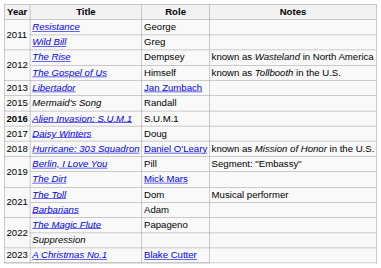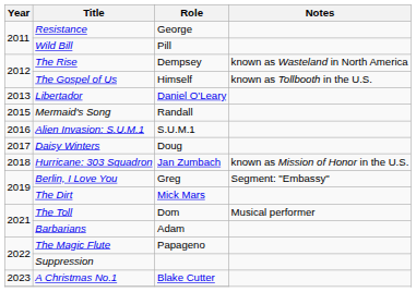 <table class="wikitable sortable">
 <tr>
 <th>Year</th>
 <th>Title</th>
 <th>Role</th>
 <th class="unsortable">Notes</th>
 </tr>
 <tr>
 <td rowspan="2">2011</td>
 <td><em><a href='#'>Resistance</a></em></td>
 <td>George</td>
 <td></td>
 </tr>
 <tr>
 <td><em><a href='#'>Wild Bill</a></em></td>
-<td>Greg</td>
+<td>Pill</td>
 <td></td>
 </tr>
 <tr>
 <td rowspan="2">2012</td>
 <td><em><a href='#'>The Rise</a></em></td>
 <td>Dempsey</td>
 <td>known as <em>Wasteland</em> in North America</td>
 </tr>
 <tr>
 <td><em><a href='#'>The Gospel of Us</a></em></td>
 <td>Himself</td>
 <td>known as <em>Tollbooth</em> in the U.S.</td>
 </tr>
 <tr>
 <td>2013</td>
 <td><em><a href='#'>Libertador</a></em></td>
-<td><a href='#'>Jan Zumbach</a></td>
+<td><a href='#'>Daniel O'Leary</a></td>
 <td></td>
 </tr>
 <tr>
 <td>2015</td>
 <td><em>Mermaid's Song</em></td>
 <td>Randall</td>
 <td></td>
 </tr>
 <tr>
-<td><strong>2016</strong></td>
+<td>2016</td>
 <td><em><a href='#'>Alien Invasion: S.U.M.1</a></em></td>
 <td>S.U.M.1</td>
 <td></td>
 </tr>
 <tr>
 <td>2017</td>
 <td><em><a href='#'>Daisy Winters</a></em></td>
 <td>Doug</td>
 <td></td>
 </tr>
 <tr>
 <td>2018</td>
 <td><em><a href='#'>Hurricane: 303 Squadron</a></em></td>
-<td><a href='#'>Daniel O'Leary</a></td>
+<td><a href='#'>Jan Zumbach</a></td>
 <td>known as <em>Mission of Honor</em> in the U.S.</td>
 </tr>
 <tr>
 <td rowspan="2">2019</td>
 <td><em><a href='#'>Berlin, I Love You</a></em></td>
-<td>Pill</td>
+<td>Greg</td>
 <td>Segment: "Embassy"</td>
 </tr>
 <tr>
 <td><em><a href='#'>The Dirt</a></em></td>
 <td><a href='#'>Mick Mars</a></td>
 <td></td>
 </tr>
 <tr>
 <td rowspan="2”">2021</td>
 <td><em><a href='#'>The Toll</a></em></td>
 <td>Dom</td>
 <td>Musical performer</td>
 </tr>
 <tr>
 <td><em><a href='#'>Barbarians</a></em></td>
 <td>Adam</td>
 <td></td>
 </tr>
 <tr>
 <td rowspan="2">2022</td>
 <td><em><a href='#'>The Magic Flute</a></em></td>
 <td>Papageno</td>
 <td></td>
 </tr>
 <tr>
 <td><em>Suppression</em></td>
 <td></td>
 <td></td>
 </tr>
 <tr>
 <td>2023</td>
 <td><em><a href='#'>A Christmas No.1</a></em></td>
 <td><a href='#'>Blake Cutter</a></td>
 </tr>
 <tr>
 </tr>
 </table>
